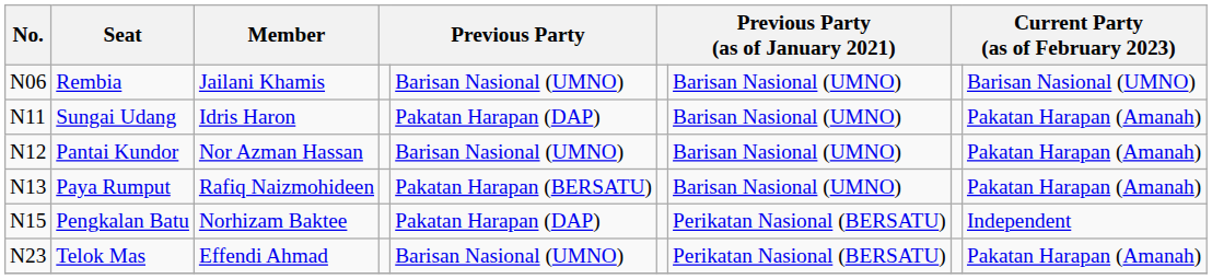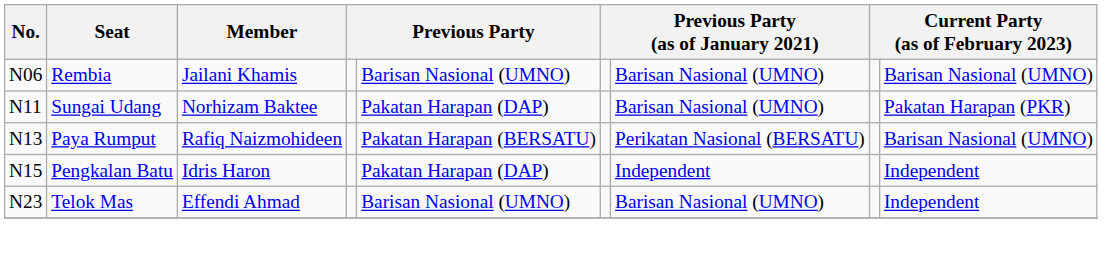 <table class="wikitable sortable mw-collapsible mw-collapsed" style="font-size:95%;">
 <tr>
 <th scope="col">No.</th>
 <th scope="col">Seat</th>
 <th scope="col">Member</th>
 <th colspan="2" scope="col">Previous Party</th>
 <th colspan="2" scope="col">Previous Party<br>(as of January 2021)</th>
 <th colspan="2">Current Party<br>(as of February 2023)</th>
 </tr>
 <tr>
 <td>N06</td>
 <td><a href='#'>Rembia</a></td>
 <td><a href='#'>Jailani Khamis</a></td>
 <td width="1"></td>
 <td><a href='#'>Barisan Nasional</a> (<a href='#'>UMNO</a>)</td>
 <td width="1"></td>
 <td><a href='#'>Barisan Nasional</a> (<a href='#'>UMNO</a>)</td>
 <td width="1"></td>
 <td><a href='#'>Barisan Nasional</a> (<a href='#'>UMNO</a>)</td>
 </tr>
 <tr>
 <td>N11</td>
 <td><a href='#'>Sungai Udang</a></td>
-<td><a href='#'>Idris Haron</a></td>
+<td><a href='#'>Norhizam Baktee</a></td>
 <td width="1"></td>
 <td><a href='#'>Pakatan Harapan</a> (<a href='#'>DAP</a>)</td>
 <td width="1"></td>
 <td><a href='#'>Barisan Nasional</a> (<a href='#'>UMNO</a>)</td>
 <td width="1"></td>
-<td><a href='#'>Pakatan Harapan</a> (<a href='#'>Amanah</a>)</td>
-</tr>
-<tr>
-<td>N12</td>
-<td><a href='#'>Pantai Kundor</a></td>
-<td><a href='#'>Nor Azman Hassan</a></td>
-<td width="1"></td>
-<td><a href='#'>Barisan Nasional</a> (<a href='#'>UMNO</a>)</td>
-<td width="1"></td>
-<td><a href='#'>Barisan Nasional</a> (<a href='#'>UMNO</a>)</td>
-<td width="1"></td>
-<td><a href='#'>Pakatan Harapan</a> (<a href='#'>Amanah</a>)</td>
+<td><a href='#'>Pakatan Harapan</a> (<a href='#'>PKR</a>)</td>
 </tr>
 <tr>
 <td>N13</td>
 <td><a href='#'>Paya Rumput</a></td>
 <td><a href='#'>Rafiq Naizmohideen</a></td>
 <td width="1"></td>
 <td><a href='#'>Pakatan Harapan</a> (<a href='#'>BERSATU</a>)</td>
 <td width="1"></td>
+<td><a href='#'>Perikatan Nasional</a> (<a href='#'>BERSATU</a>)</td>
+<td width="1"></td>
 <td><a href='#'>Barisan Nasional</a> (<a href='#'>UMNO</a>)</td>
-<td width="1"></td>
-<td><a href='#'>Pakatan Harapan</a> (<a href='#'>Amanah</a>)</td>
 </tr>
 <tr>
 <td>N15</td>
 <td><a href='#'>Pengkalan Batu</a></td>
-<td><a href='#'>Norhizam Baktee</a></td>
+<td><a href='#'>Idris Haron</a></td>
 <td width="1"></td>
 <td><a href='#'>Pakatan Harapan</a> (<a href='#'>DAP</a>)</td>
 <td width="1"></td>
-<td><a href='#'>Perikatan Nasional</a> (<a href='#'>BERSATU</a>)</td>
+<td><a href='#'>Independent</a></td>
 <td width="1"></td>
 <td><a href='#'>Independent</a></td>
 </tr>
 <tr>
 <td>N23</td>
 <td><a href='#'>Telok Mas</a></td>
 <td><a href='#'>Effendi Ahmad</a></td>
 <td width="1"></td>
 <td><a href='#'>Barisan Nasional</a> (<a href='#'>UMNO</a>)</td>
 <td width="1"></td>
-<td><a href='#'>Perikatan Nasional</a> (<a href='#'>BERSATU</a>)</td>
+<td><a href='#'>Barisan Nasional</a> (<a href='#'>UMNO</a>)</td>
 <td width="1"></td>
-<td><a href='#'>Pakatan Harapan</a> (<a href='#'>Amanah</a>)</td>
+<td><a href='#'>Independent</a></td>
 </tr>
 <tr>
 </tr>
 </table>
